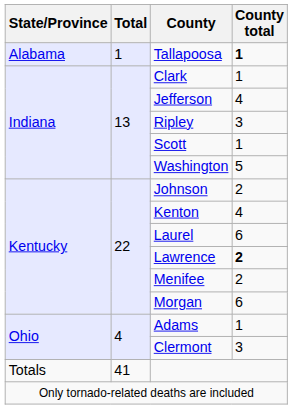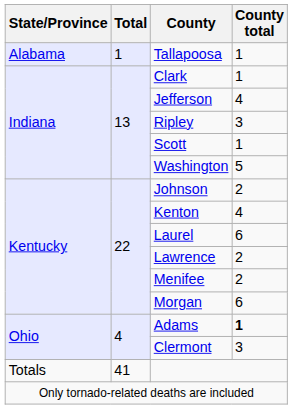 <table class="wikitable" style="margin:0 0 0.5em 1em;float:right;clear:right;">
 <tr>
 <th>State/Province</th>
 <th>Total</th>
 <th>County</th>
 <th>County<br>total</th>
 </tr>
 <tr>
 <td rowspan="1" style="background:#e6e9ff;"><a href='#'>Alabama</a></td>
 <td rowspan="1" style="background:#e6e9ff;">1</td>
 <td><a href='#'>Tallapoosa</a></td>
-<td><strong>1</strong></td>
+<td>1</td>
 </tr>
 <tr>
 <td rowspan="5" style="background:#e6e9ff;"><a href='#'>Indiana</a></td>
 <td rowspan="5" style="background:#e6e9ff;">13</td>
 <td><a href='#'>Clark</a></td>
 <td>1</td>
 </tr>
 <tr>
 <td><a href='#'>Jefferson</a></td>
 <td>4</td>
 </tr>
 <tr>
 <td><a href='#'>Ripley</a></td>
 <td>3</td>
 </tr>
 <tr>
 <td><a href='#'>Scott</a></td>
 <td>1</td>
 </tr>
 <tr>
 <td><a href='#'>Washington</a></td>
 <td>5</td>
 </tr>
 <tr>
 <td rowspan="6" style="background:#e6e9ff;"><a href='#'>Kentucky</a></td>
 <td rowspan="6" style="background:#e6e9ff;">22</td>
 <td><a href='#'>Johnson</a></td>
 <td>2</td>
 </tr>
 <tr>
 <td><a href='#'>Kenton</a></td>
 <td>4</td>
 </tr>
 <tr>
 <td><a href='#'>Laurel</a></td>
 <td>6</td>
 </tr>
 <tr>
 <td><a href='#'>Lawrence</a></td>
-<td><strong>2</strong></td>
+<td>2</td>
 </tr>
 <tr>
 <td><a href='#'>Menifee</a></td>
 <td>2</td>
 </tr>
 <tr>
 <td><a href='#'>Morgan</a></td>
 <td>6</td>
 </tr>
 <tr>
 <td rowspan="2" style="background:#e6e9ff;"><a href='#'>Ohio</a></td>
 <td rowspan="2" style="background:#e6e9ff;">4</td>
 <td><a href='#'>Adams</a></td>
-<td>1</td>
+<td><strong>1</strong></td>
 </tr>
 <tr>
 <td><a href='#'>Clermont</a></td>
 <td>3</td>
 </tr>
 <tr>
 <td style="background:e6e9ff;">Totals</td>
 <td style="background:e6e9ff;">41</td>
 <td colspan="2"></td>
 </tr>
 <tr>
 <td colspan="4" style="text-align:center;"><small>Only tornado-related deaths are included</small></td>
 </tr>
 </table>
